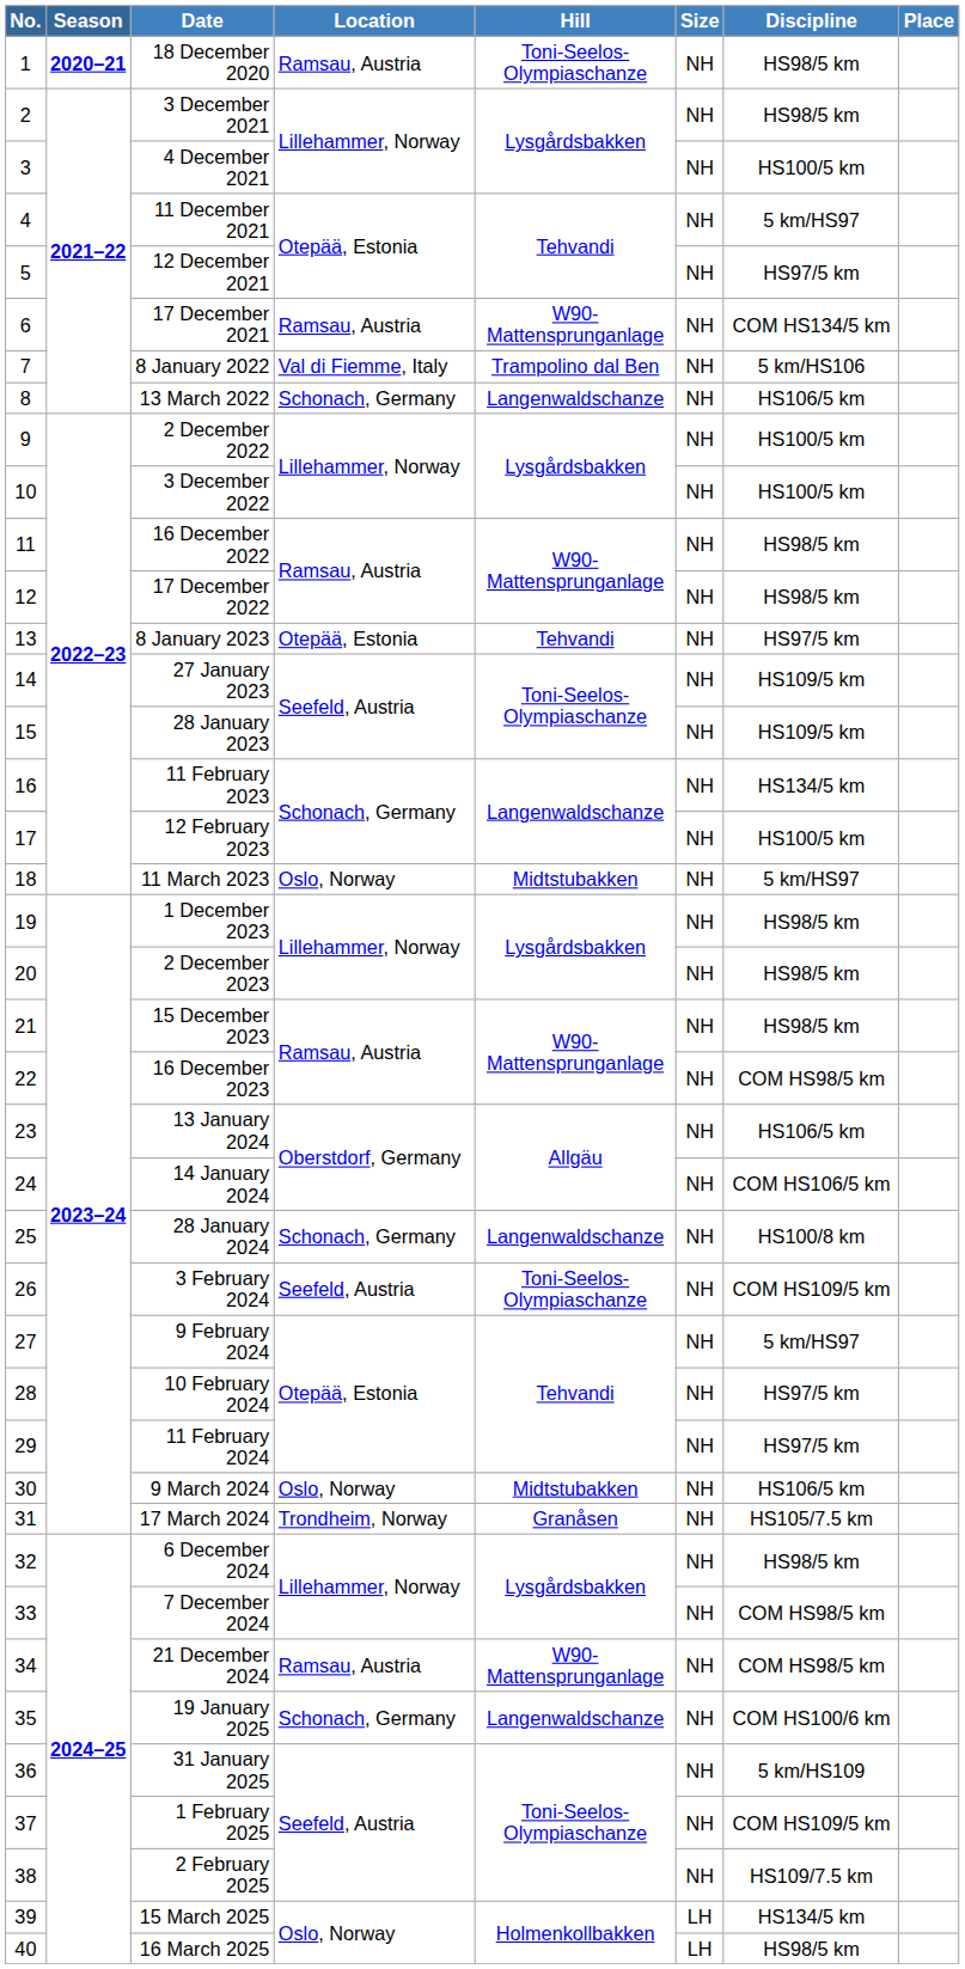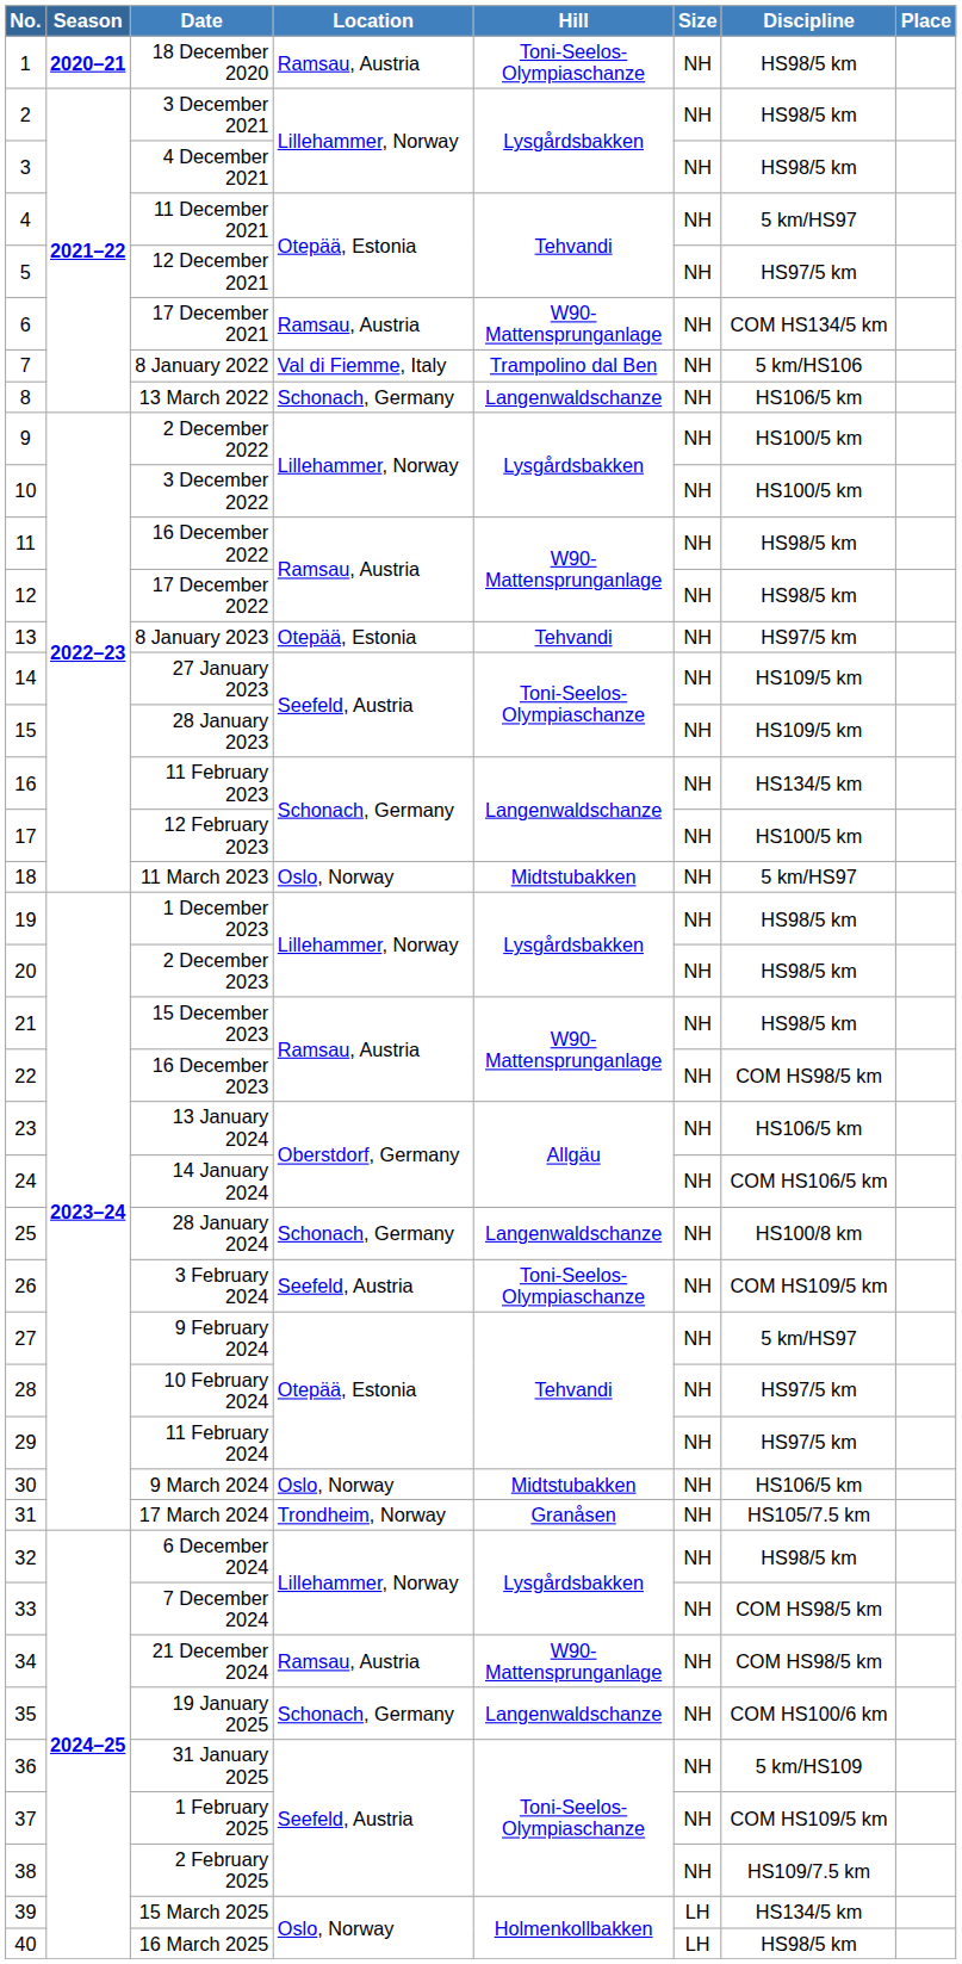 <table class="wikitable sortable" style="font-size:95%; text-align:center; border:grey solid 1px; border-collapse:collapse; background:#ffffff;">
 <tr style="background:#efefef;">
 <th style="background-color:#369; color:white;">No.</th>
 <th style="background-color:#369; color:white;">Season</th>
 <th style="background-color:#4180be; color:white; width:105px;">Date</th>
 <th style="background-color:#4180be; color:white; width:150px;">Location</th>
 <th style="background-color:#4180be; color:white; width:150px;">Hill</th>
 <th style="background-color:#4180be; color:white;">Size</th>
 <th style="background-color:#4180be; color:white; width:130px;">Discipline</th>
 <th style="background-color:#4180be; color:white;">Place</th>
 </tr>
 <tr>
 <td align=center>1</td>
 <td align=center><strong><a href='#'>2020–21</a></strong></td>
 <td align=right>18 December 2020</td>
 <td align=left> <a href='#'>Ramsau</a>, Austria</td>
 <td><a href='#'>Toni-Seelos-Olympiaschanze</a></td>
 <td>NH</td>
 <td>HS98/5 km</td>
 <td></td>
 </tr>
 <tr>
 <td align=center>2</td>
 <td align=center rowspan="7"><strong><a href='#'>2021–22</a></strong></td>
 <td align=right>3 December 2021</td>
 <td align=left rowspan="2"> <a href='#'>Lillehammer</a>, Norway</td>
 <td rowspan="2"><a href='#'>Lysgårdsbakken</a></td>
 <td>NH</td>
 <td>HS98/5 km</td>
 <td></td>
 </tr>
 <tr>
 <td align=center>3</td>
 <td align=right>4 December 2021</td>
 <td>NH</td>
-<td>HS100/5 km</td>
+<td>HS98/5 km</td>
 <td></td>
 </tr>
 <tr>
 <td align=center>4</td>
 <td align=right>11 December 2021</td>
 <td align=left rowspan="2"> <a href='#'>Otepää</a>, Estonia</td>
 <td rowspan="2"><a href='#'>Tehvandi</a></td>
 <td>NH</td>
 <td>5 km/HS97</td>
 <td></td>
 </tr>
 <tr>
 <td align=center>5</td>
 <td align=right>12 December 2021</td>
 <td>NH</td>
 <td>HS97/5 km</td>
 <td></td>
 </tr>
 <tr>
 <td align=center>6</td>
 <td align=right>17 December 2021</td>
 <td align=left> <a href='#'>Ramsau</a>, Austria</td>
 <td><a href='#'>W90-Mattensprunganlage</a></td>
 <td>NH</td>
 <td>COM HS134/5 km</td>
 <td></td>
 </tr>
 <tr>
 <td align=center>7</td>
 <td align=right>8 January 2022</td>
 <td align=left> <a href='#'>Val di Fiemme</a>, Italy</td>
 <td><a href='#'>Trampolino dal Ben</a></td>
 <td>NH</td>
 <td>5 km/HS106</td>
 <td></td>
 </tr>
 <tr>
 <td align=center>8</td>
 <td align=right>13 March 2022</td>
 <td align=left> <a href='#'>Schonach</a>, Germany</td>
 <td><a href='#'>Langenwaldschanze</a></td>
 <td>NH</td>
 <td>HS106/5 km</td>
 <td></td>
 </tr>
 <tr>
 <td align=center>9</td>
 <td align=center rowspan="10"><strong><a href='#'>2022–23</a></strong></td>
 <td align=right>2 December 2022</td>
 <td align=left rowspan="2"> <a href='#'>Lillehammer</a>, Norway</td>
 <td rowspan="2"><a href='#'>Lysgårdsbakken</a></td>
 <td>NH</td>
 <td>HS100/5 km</td>
 <td></td>
 </tr>
 <tr>
 <td align=center>10</td>
 <td align=right>3 December 2022</td>
 <td>NH</td>
 <td>HS100/5 km</td>
 <td></td>
 </tr>
 <tr>
 <td align=center>11</td>
 <td align=right>16 December 2022</td>
 <td align=left rowspan="2"> <a href='#'>Ramsau</a>, Austria</td>
 <td rowspan="2"><a href='#'>W90-Mattensprunganlage</a></td>
 <td>NH</td>
 <td>HS98/5 km</td>
 <td></td>
 </tr>
 <tr>
 <td align=center>12</td>
 <td align=right>17 December 2022</td>
 <td>NH</td>
 <td>HS98/5 km</td>
 <td></td>
 </tr>
 <tr>
 <td align=center>13</td>
 <td align=right>8 January 2023</td>
 <td align=left> <a href='#'>Otepää</a>, Estonia</td>
 <td><a href='#'>Tehvandi</a></td>
 <td>NH</td>
 <td>HS97/5 km</td>
 <td></td>
 </tr>
 <tr>
 <td align=center>14</td>
 <td align=right>27 January 2023</td>
 <td align=left rowspan="2"> <a href='#'>Seefeld</a>, Austria</td>
 <td rowspan="2"><a href='#'>Toni-Seelos-Olympiaschanze</a></td>
 <td>NH</td>
 <td>HS109/5 km</td>
 <td></td>
 </tr>
 <tr>
 <td align=center>15</td>
 <td align=right>28 January 2023</td>
 <td>NH</td>
 <td>HS109/5 km</td>
 <td></td>
 </tr>
 <tr>
 <td align=center>16</td>
 <td align=right>11 February 2023</td>
 <td align=left rowspan="2"> <a href='#'>Schonach</a>, Germany</td>
 <td rowspan="2"><a href='#'>Langenwaldschanze</a></td>
 <td>NH</td>
 <td>HS134/5 km</td>
 <td></td>
 </tr>
 <tr>
 <td align=center>17</td>
 <td align=right>12 February 2023</td>
 <td>NH</td>
 <td>HS100/5 km</td>
 <td></td>
 </tr>
 <tr>
 <td align=center>18</td>
 <td align=right>11 March 2023</td>
 <td align=left> <a href='#'>Oslo</a>, Norway</td>
 <td><a href='#'>Midtstubakken</a></td>
 <td>NH</td>
 <td>5 km/HS97</td>
 <td></td>
 </tr>
 <tr>
 <td align=center>19</td>
 <td align=center rowspan="13"><strong><a href='#'>2023–24</a></strong></td>
 <td align=right>1 December 2023</td>
 <td align=left rowspan="2"> <a href='#'>Lillehammer</a>, Norway</td>
 <td rowspan="2"><a href='#'>Lysgårdsbakken</a></td>
 <td>NH</td>
 <td>HS98/5 km</td>
 <td></td>
 </tr>
 <tr>
 <td align=center>20</td>
 <td align=right>2 December 2023</td>
 <td>NH</td>
 <td>HS98/5 km</td>
 <td></td>
 </tr>
 <tr>
 <td align=center>21</td>
 <td align=right>15 December 2023</td>
 <td align=left rowspan="2"> <a href='#'>Ramsau</a>, Austria</td>
 <td rowspan="2"><a href='#'>W90-Mattensprunganlage</a></td>
 <td>NH</td>
 <td>HS98/5 km</td>
 <td></td>
 </tr>
 <tr>
 <td align=center>22</td>
 <td align=right>16 December 2023</td>
 <td>NH</td>
 <td>COM HS98/5 km</td>
 <td></td>
 </tr>
 <tr>
 <td align=center>23</td>
 <td align=right>13 January 2024</td>
 <td align=left rowspan="2"> <a href='#'>Oberstdorf</a>, Germany</td>
 <td rowspan="2"><a href='#'>Allgäu</a></td>
 <td>NH</td>
 <td>HS106/5 km</td>
 <td></td>
 </tr>
 <tr>
 <td align=center>24</td>
 <td align=right>14 January 2024</td>
 <td>NH</td>
 <td>COM HS106/5 km</td>
 <td></td>
 </tr>
 <tr>
 <td align=center>25</td>
 <td align=right>28 January 2024</td>
 <td align=left> <a href='#'>Schonach</a>, Germany</td>
 <td><a href='#'>Langenwaldschanze</a></td>
 <td>NH</td>
 <td>HS100/8 km</td>
 <td></td>
 </tr>
 <tr>
 <td align=center>26</td>
 <td align=right>3 February 2024</td>
 <td align=left> <a href='#'>Seefeld</a>, Austria</td>
 <td><a href='#'>Toni-Seelos-Olympiaschanze</a></td>
 <td>NH</td>
 <td>COM HS109/5 km</td>
 <td></td>
 </tr>
 <tr>
 <td align=center>27</td>
 <td align=right>9 February 2024</td>
 <td align=left rowspan="3"> <a href='#'>Otepää</a>, Estonia</td>
 <td rowspan="3"><a href='#'>Tehvandi</a></td>
 <td>NH</td>
 <td>5 km/HS97</td>
 <td></td>
 </tr>
 <tr>
 <td align=center>28</td>
 <td align=right>10 February 2024</td>
 <td>NH</td>
 <td>HS97/5 km</td>
 <td></td>
 </tr>
 <tr>
 <td align=center>29</td>
 <td align=right>11 February 2024</td>
 <td>NH</td>
 <td>HS97/5 km</td>
 <td></td>
 </tr>
 <tr>
 <td align=center>30</td>
 <td align=right>9 March 2024</td>
 <td align=left> <a href='#'>Oslo</a>, Norway</td>
 <td><a href='#'>Midtstubakken</a></td>
 <td>NH</td>
 <td>HS106/5 km</td>
 <td></td>
 </tr>
 <tr>
 <td align=center>31</td>
 <td align=right>17 March 2024</td>
 <td align=left> <a href='#'>Trondheim</a>, Norway</td>
 <td><a href='#'>Granåsen</a></td>
 <td>NH</td>
 <td>HS105/7.5 km</td>
 <td></td>
 </tr>
 <tr>
 <td align=center>32</td>
 <td align=center rowspan="9"><strong><a href='#'>2024–25</a></strong></td>
 <td align=right>6 December 2024</td>
 <td align=left rowspan="2"> <a href='#'>Lillehammer</a>, Norway</td>
 <td rowspan="2"><a href='#'>Lysgårdsbakken</a></td>
 <td>NH</td>
 <td>HS98/5 km</td>
 <td></td>
 </tr>
 <tr>
 <td align=center>33</td>
 <td align=right>7 December 2024</td>
 <td>NH</td>
 <td>COM HS98/5 km</td>
 <td></td>
 </tr>
 <tr>
 <td align=center>34</td>
 <td align=right>21 December 2024</td>
 <td align=left> <a href='#'>Ramsau</a>, Austria</td>
 <td><a href='#'>W90-Mattensprunganlage</a></td>
 <td>NH</td>
 <td>COM HS98/5 km</td>
 <td></td>
 </tr>
 <tr>
 <td align=center>35</td>
 <td align=right>19 January 2025</td>
 <td align=left> <a href='#'>Schonach</a>, Germany</td>
 <td><a href='#'>Langenwaldschanze</a></td>
 <td>NH</td>
 <td>COM HS100/6 km</td>
 <td></td>
 </tr>
 <tr>
 <td align=center>36</td>
 <td align=right>31 January 2025</td>
 <td align=left rowspan="3"> <a href='#'>Seefeld</a>, Austria</td>
 <td rowspan="3"><a href='#'>Toni-Seelos-Olympiaschanze</a></td>
 <td>NH</td>
 <td>5 km/HS109</td>
 <td></td>
 </tr>
 <tr>
 <td align=center>37</td>
 <td align=right>1 February 2025</td>
 <td>NH</td>
 <td>COM HS109/5 km</td>
 <td></td>
 </tr>
 <tr>
 <td align=center>38</td>
 <td align=right>2 February 2025</td>
 <td>NH</td>
 <td>HS109/7.5 km</td>
 <td></td>
 </tr>
 <tr>
 <td align=center>39</td>
 <td align=right>15 March 2025</td>
 <td align=left rowspan="2"> <a href='#'>Oslo</a>, Norway</td>
 <td rowspan="2"><a href='#'>Holmenkollbakken</a></td>
 <td>LH</td>
 <td>HS134/5 km</td>
 <td></td>
 </tr>
 <tr>
 <td align=center>40</td>
 <td align=right>16 March 2025</td>
 <td>LH</td>
 <td>HS98/5 km</td>
 <td></td>
 </tr>
 </table>
